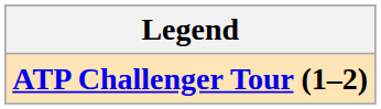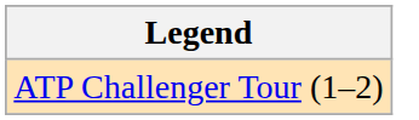 <table class="wikitable">
 <tr>
 <th>Legend</th>
 </tr>
 <tr style="background:moccasin">
-<td><strong><a href='#'>ATP Challenger Tour</a> (1–2)</strong></td>
+<td><a href='#'>ATP Challenger Tour</a> (1–2)</td>
 </tr>
 </table>
